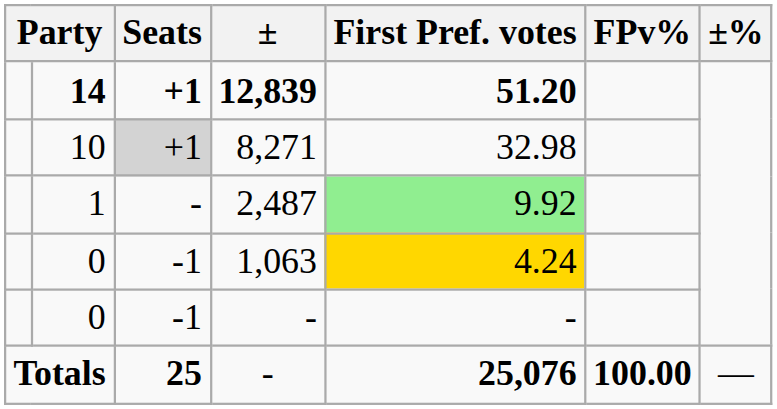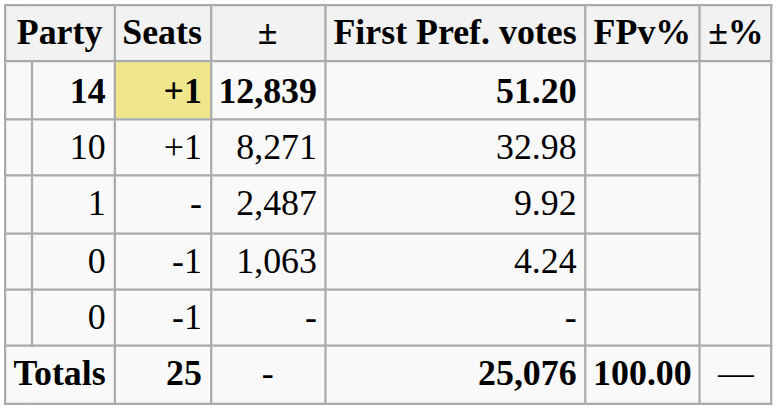 <table class=wikitable>
 <tr>
 <th colspan=2 align=center>Party</th>
 <th valign=top>Seats</th>
 <th valign=top>±</th>
 <th valign=top>First Pref. votes</th>
 <th valign=top>FPv%</th>
 <th valign=top>±%</th>
 </tr>
 <tr>
 <td></td>
 <td align=right><strong>14</strong></td>
-<td align=right><strong>+1</strong></td>
+<td align=right style="background: khaki;"><strong>+1</strong></td>
 <td align=right><strong>12,839</strong></td>
 <td align=right><strong>51.20</strong></td>
 <td align=right></td>
 </tr>
 <tr>
 <td></td>
 <td align=right>10</td>
-<td align=right style="background: lightgrey;">+1</td>
+<td align=right>+1</td>
 <td align=right>8,271</td>
 <td align=right>32.98</td>
 <td align=right></td>
 </tr>
 <tr>
 <td></td>
 <td align=right>1</td>
 <td align=right>-</td>
 <td align=right>2,487</td>
-<td align=right style="background: lightgreen;">9.92</td>
+<td align=right>9.92</td>
 <td align=right></td>
 </tr>
 <tr>
 <td></td>
 <td align=right>0</td>
 <td align=right>-1</td>
 <td align=right>1,063</td>
-<td align=right style="background: gold;">4.24</td>
+<td align=right>4.24</td>
 <td align=right></td>
 </tr>
 <tr>
 <td></td>
 <td align=right>0</td>
 <td align=right>-1</td>
 <td align=right>-</td>
 <td align=right>-</td>
 <td align=right></td>
 </tr>
 <tr>
 <td colspan=2 align=center><strong>Totals</strong></td>
 <td align=right><strong>25</strong></td>
 <td align=center>-</td>
 <td align=right><strong>25,076</strong></td>
 <td align=center><strong>100.00</strong></td>
 <td align=center>—</td>
 </tr>
 </table>
